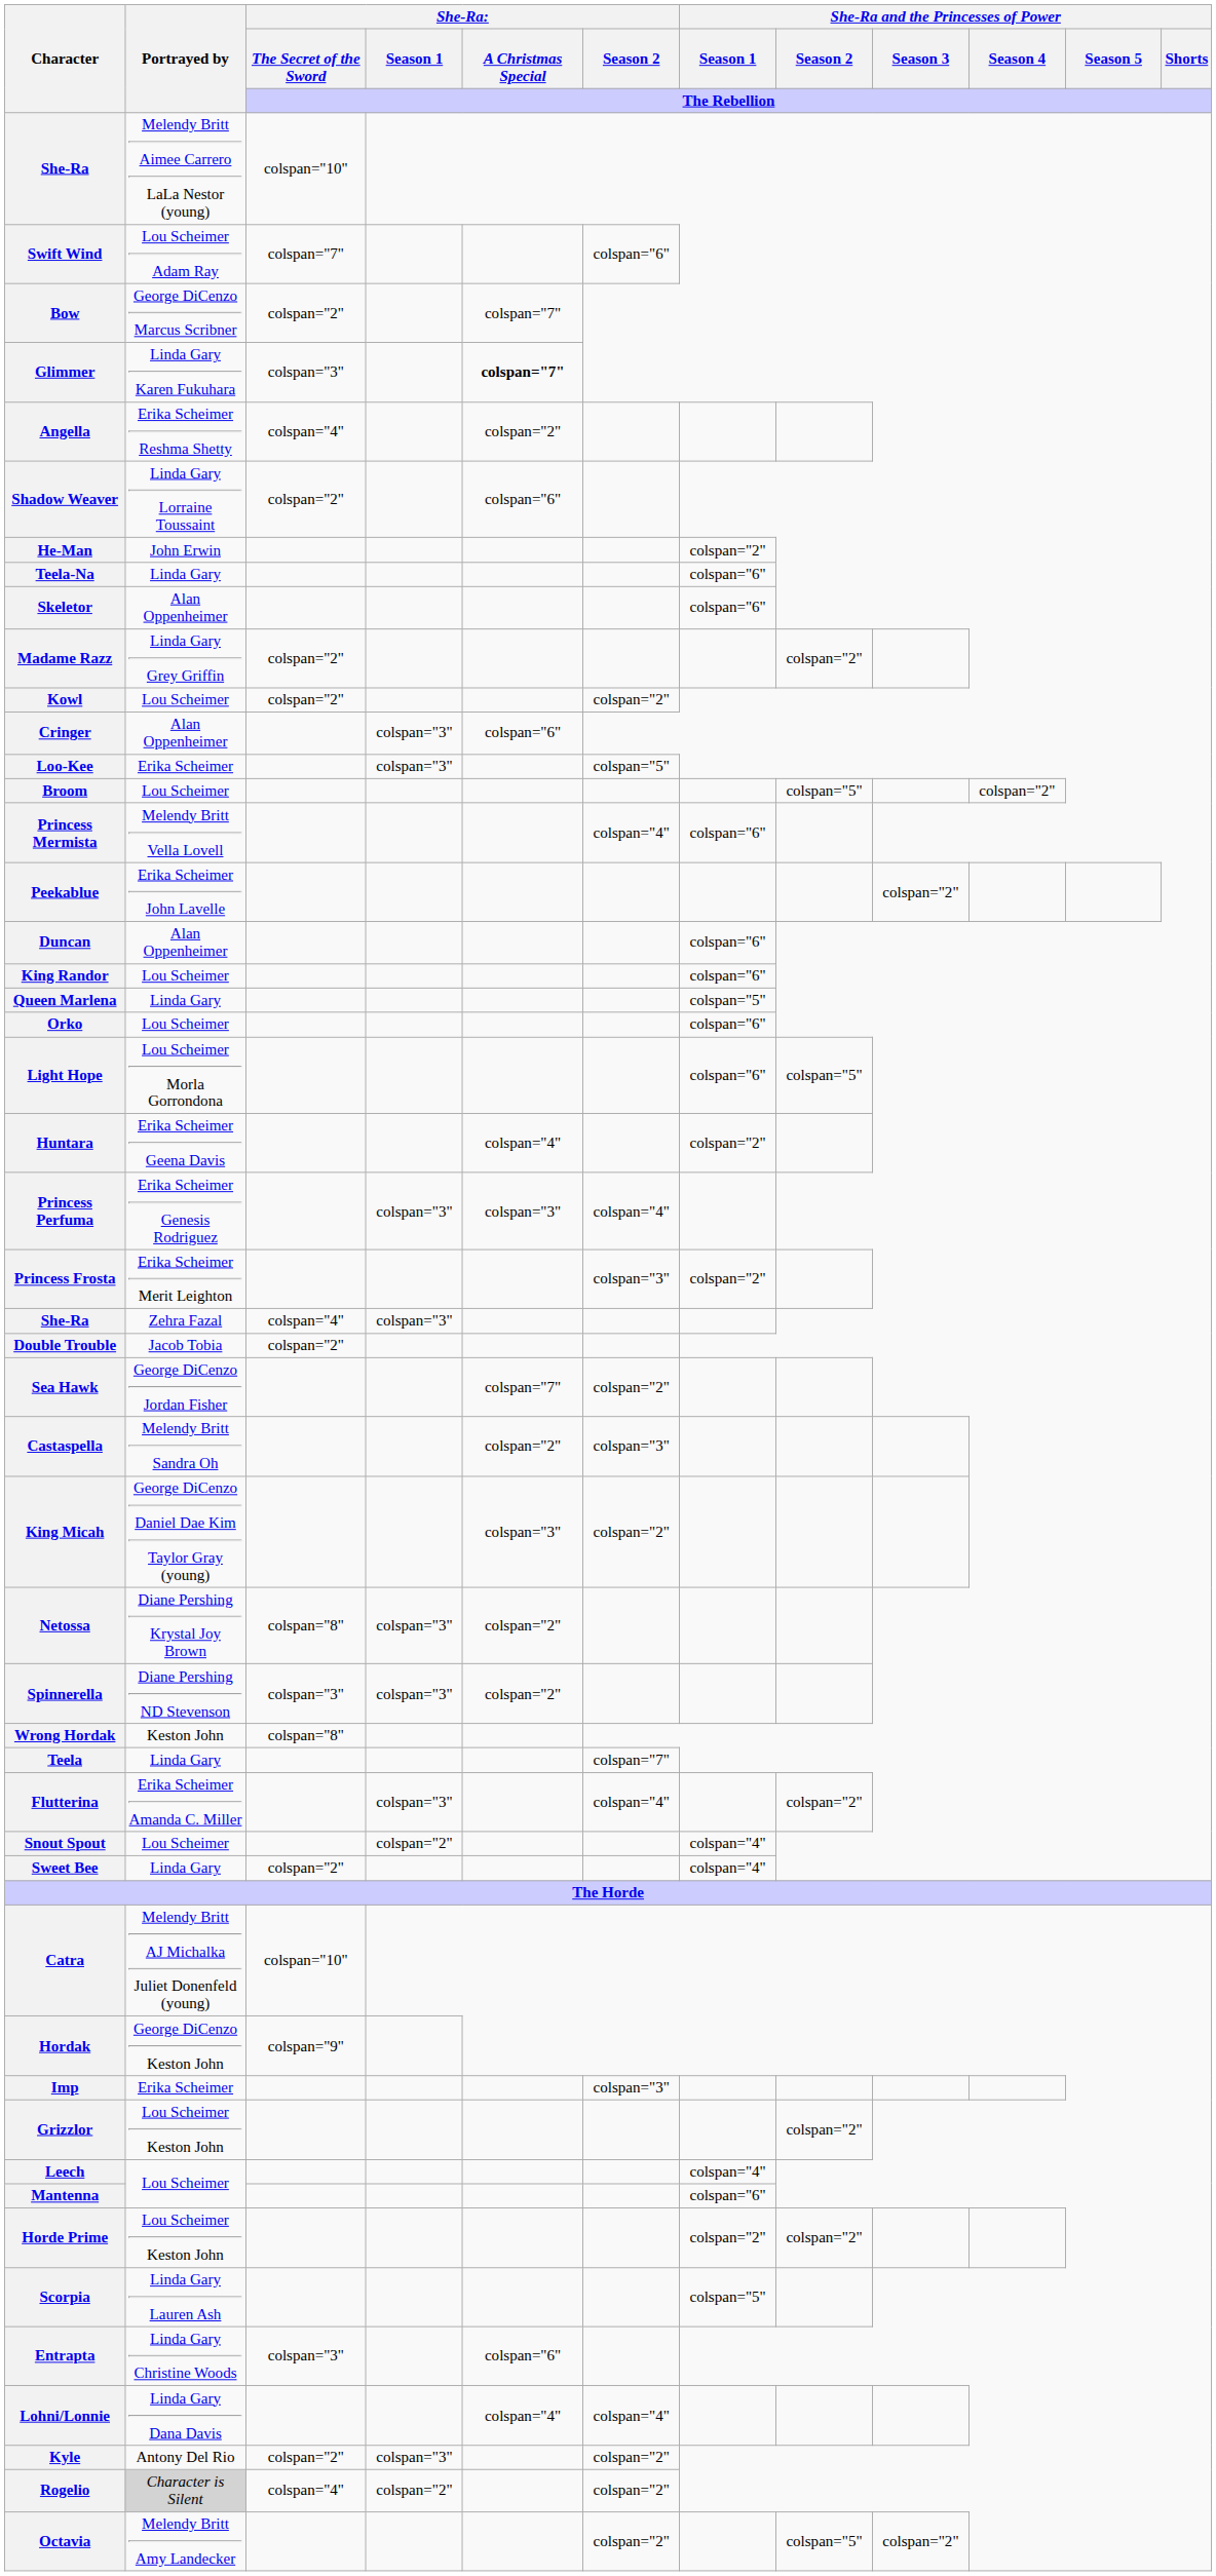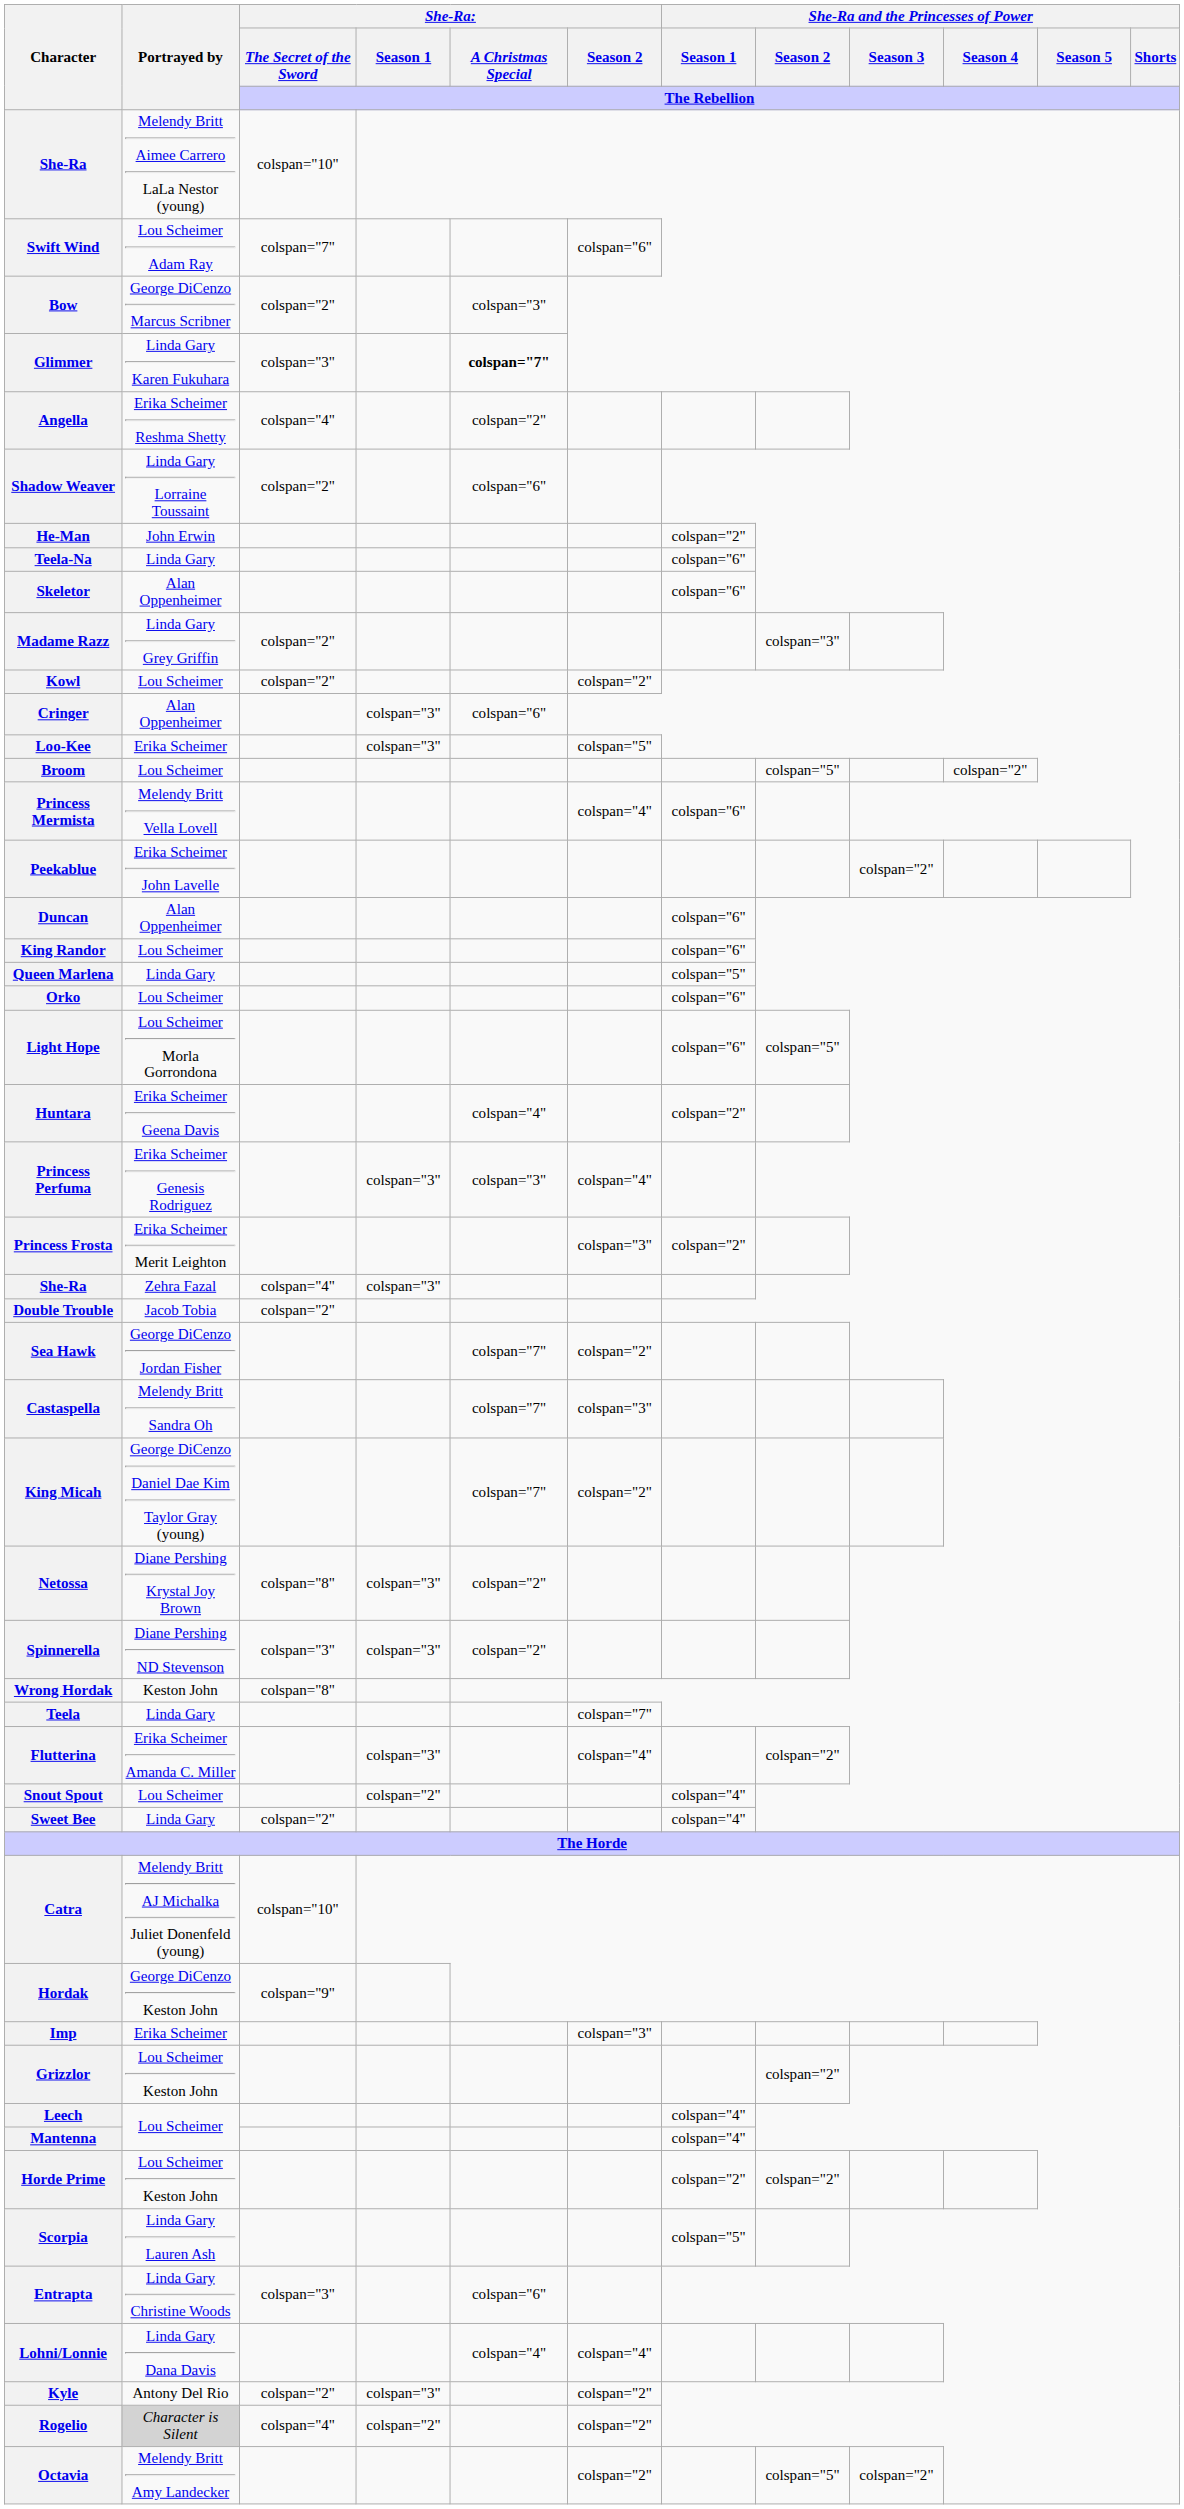 <table class="wikitable" style="text-align:center; width:99%;">
 <tr>
 <th rowspan="3" style="width:10%;">Character</th>
 <th style="width:10%;" rowspan="3">Portrayed by</th>
 <th colspan="4"><em><a href='#'>She-Ra:<br></a></em></th>
 <th colspan="6"><em><a href='#'>She-Ra and the Princesses of Power</a></em></th>
 </tr>
 <tr>
 <th style="width:10%;"><em><a href='#'><br>The Secret of the Sword</a></em></th>
 <th style="width:8%;"><a href='#'>Season 1</a></th>
 <th style="width:10%;"><em><a href='#'><br>A Christmas Special</a></em></th>
 <th style="width:8%;"><a href='#'>Season 2</a></th>
 <th style="width:8%;"><a href='#'>Season 1</a></th>
 <th style="width:8%;"><a href='#'>Season 2</a></th>
 <th style="width:8%;"><a href='#'>Season 3</a></th>
 <th style="width:8%;"><a href='#'>Season 4</a></th>
 <th style="width:8%;"><a href='#'>Season 5</a></th>
 <th style="width:3%;"><a href='#'>Shorts</a></th>
 </tr>
 <tr>
 <th colspan="10" style="background:#ccf;"><a href='#'>The Rebellion</a></th>
 </tr>
 <tr>
 <th><a href='#'>She-Ra<br></a></th>
 <td><a href='#'>Melendy Britt</a><hr><a href='#'>Aimee Carrero</a><hr>LaLa Nestor<br>(young)</td>
 <td>colspan="10" </td>
 </tr>
 <tr>
 <th><a href='#'>Swift Wind<br></a></th>
 <td><a href='#'>Lou Scheimer</a><hr><a href='#'>Adam Ray</a></td>
 <td>colspan="7" </td>
 <td></td>
 <td></td>
 <td>colspan="6" </td>
 </tr>
 <tr>
 <th><a href='#'>Bow</a></th>
 <td><a href='#'>George DiCenzo</a><hr><a href='#'>Marcus Scribner</a></td>
 <td>colspan="2" </td>
 <td></td>
-<td>colspan="7" </td>
+<td>colspan="3" </td>
 </tr>
 <tr>
 <th><a href='#'>Glimmer<br></a></th>
 <td><a href='#'>Linda Gary</a><hr><a href='#'>Karen Fukuhara</a></td>
 <td>colspan="3" </td>
 <td></td>
 <td><strong>colspan="7" </strong></td>
 </tr>
 <tr>
 <th><a href='#'>Angella<br></a></th>
 <td><a href='#'>Erika Scheimer</a><hr><a href='#'>Reshma Shetty</a></td>
 <td>colspan="4" </td>
 <td></td>
 <td>colspan="2" </td>
 <td></td>
 <td></td>
 <td></td>
 </tr>
 <tr>
 <th><a href='#'>Shadow Weaver<br></a></th>
 <td><a href='#'>Linda Gary</a><hr><a href='#'>Lorraine Toussaint</a></td>
 <td>colspan="2" </td>
 <td></td>
 <td>colspan="6" </td>
 <td></td>
 </tr>
 <tr>
 <th><a href='#'>He-Man<br></a></th>
 <td><a href='#'>John Erwin</a></td>
 <td></td>
 <td></td>
 <td></td>
 <td></td>
 <td>colspan="2" </td>
 </tr>
 <tr>
 <th><a href='#'>Teela-Na<br></a></th>
 <td><a href='#'>Linda Gary</a></td>
 <td></td>
 <td></td>
 <td></td>
 <td></td>
 <td>colspan="6" </td>
 </tr>
 <tr>
 <th><a href='#'>Skeletor</a></th>
 <td><a href='#'>Alan Oppenheimer</a></td>
 <td></td>
 <td></td>
 <td></td>
 <td></td>
 <td>colspan="6" </td>
 </tr>
 <tr>
 <th><a href='#'>Madame Razz</a></th>
 <td><a href='#'>Linda Gary</a><hr><a href='#'>Grey Griffin</a></td>
 <td>colspan="2" </td>
 <td></td>
 <td></td>
 <td></td>
 <td></td>
-<td>colspan="2" </td>
+<td>colspan="3" </td>
 <td></td>
 </tr>
 <tr>
 <th><a href='#'>Kowl</a></th>
 <td><a href='#'>Lou Scheimer</a></td>
 <td>colspan="2" </td>
 <td></td>
 <td></td>
 <td>colspan="2" </td>
 </tr>
 <tr>
 <th><a href='#'>Cringer<br></a></th>
 <td><a href='#'>Alan Oppenheimer</a></td>
 <td></td>
 <td>colspan="3" </td>
 <td>colspan="6" </td>
 </tr>
 <tr>
 <th><a href='#'>Loo-Kee</a></th>
 <td><a href='#'>Erika Scheimer</a></td>
 <td></td>
 <td>colspan="3" </td>
 <td></td>
 <td>colspan="5" </td>
 </tr>
 <tr>
 <th><a href='#'>Broom</a></th>
 <td><a href='#'>Lou Scheimer</a></td>
 <td></td>
 <td></td>
 <td></td>
 <td></td>
 <td></td>
 <td>colspan="5" </td>
 <td></td>
 <td>colspan="2" </td>
 </tr>
 <tr>
 <th><a href='#'>Princess Mermista</a></th>
 <td><a href='#'>Melendy Britt</a><hr><a href='#'>Vella Lovell</a></td>
 <td></td>
 <td></td>
 <td></td>
 <td>colspan="4" </td>
 <td>colspan="6" </td>
 <td></td>
 </tr>
 <tr>
 <th><a href='#'>Peekablue</a></th>
 <td><a href='#'>Erika Scheimer</a><hr><a href='#'>John Lavelle</a></td>
 <td></td>
 <td></td>
 <td></td>
 <td></td>
 <td></td>
 <td></td>
 <td>colspan="2" </td>
 <td></td>
 <td></td>
 </tr>
 <tr>
 <th><a href='#'>Duncan<br></a></th>
 <td><a href='#'>Alan Oppenheimer</a></td>
 <td></td>
 <td></td>
 <td></td>
 <td></td>
 <td>colspan="6" </td>
 </tr>
 <tr>
 <th><a href='#'>King Randor</a></th>
 <td><a href='#'>Lou Scheimer</a></td>
 <td></td>
 <td></td>
 <td></td>
 <td></td>
 <td>colspan="6" </td>
 </tr>
 <tr>
 <th><a href='#'>Queen Marlena</a></th>
 <td><a href='#'>Linda Gary</a></td>
 <td></td>
 <td></td>
 <td></td>
 <td></td>
 <td>colspan="5" </td>
 </tr>
 <tr>
 <th><a href='#'>Orko</a></th>
 <td><a href='#'>Lou Scheimer</a></td>
 <td></td>
 <td></td>
 <td></td>
 <td></td>
 <td>colspan="6" </td>
 </tr>
 <tr>
 <th><a href='#'>Light Hope</a></th>
 <td><a href='#'>Lou Scheimer</a><hr>Morla Gorrondona</td>
 <td></td>
 <td></td>
 <td></td>
 <td></td>
 <td>colspan="6" </td>
 <td>colspan="5" </td>
 </tr>
 <tr>
 <th><a href='#'>Huntara</a></th>
 <td><a href='#'>Erika Scheimer</a><hr><a href='#'>Geena Davis</a></td>
 <td></td>
 <td></td>
 <td>colspan="4" </td>
 <td></td>
 <td>colspan="2" </td>
 <td></td>
 </tr>
 <tr>
 <th><a href='#'>Princess Perfuma</a></th>
 <td><a href='#'>Erika Scheimer</a><hr><a href='#'>Genesis Rodriguez</a></td>
 <td></td>
 <td>colspan="3" </td>
 <td>colspan="3" </td>
 <td>colspan="4" </td>
 <td></td>
 </tr>
 <tr>
 <th><a href='#'>Princess Frosta</a></th>
 <td><a href='#'>Erika Scheimer</a><hr>Merit Leighton</td>
 <td></td>
 <td></td>
 <td></td>
 <td>colspan="3" </td>
 <td>colspan="2" </td>
 <td></td>
 </tr>
 <tr>
 <th><a href='#'>She-Ra<br></a></th>
 <td><a href='#'>Zehra Fazal</a></td>
 <td>colspan="4" </td>
 <td>colspan="3" </td>
 <td></td>
 <td></td>
 <td></td>
 </tr>
 <tr>
 <th><a href='#'>Double Trouble</a></th>
 <td><a href='#'>Jacob Tobia</a></td>
 <td>colspan="2" </td>
 <td></td>
 <td></td>
 <td></td>
 </tr>
 <tr>
 <th><a href='#'>Sea Hawk</a></th>
 <td><a href='#'>George DiCenzo</a><hr><a href='#'>Jordan Fisher</a></td>
 <td></td>
 <td></td>
 <td>colspan="7" </td>
 <td>colspan="2" </td>
 <td></td>
 <td></td>
 </tr>
 <tr>
 <th><a href='#'>Castaspella</a></th>
 <td><a href='#'>Melendy Britt</a><hr><a href='#'>Sandra Oh</a></td>
 <td></td>
 <td></td>
-<td>colspan="2" </td>
+<td>colspan="7" </td>
 <td>colspan="3" </td>
 <td></td>
 <td></td>
 <td></td>
 </tr>
 <tr>
 <th><a href='#'>King Micah</a></th>
 <td><a href='#'>George DiCenzo</a><hr><a href='#'>Daniel Dae Kim</a><hr><a href='#'>Taylor Gray</a><br>(young)</td>
 <td></td>
 <td></td>
-<td>colspan="3" </td>
+<td>colspan="7" </td>
 <td>colspan="2" </td>
 <td></td>
 <td></td>
 <td></td>
 </tr>
 <tr>
 <th><a href='#'>Netossa</a></th>
 <td><a href='#'>Diane Pershing</a><hr><a href='#'>Krystal Joy Brown</a></td>
 <td>colspan="8" </td>
 <td>colspan="3" </td>
 <td>colspan="2" </td>
 <td></td>
 <td></td>
 <td></td>
 </tr>
 <tr>
 <th><a href='#'>Spinnerella</a></th>
 <td><a href='#'>Diane Pershing</a><hr><a href='#'>ND Stevenson</a></td>
 <td>colspan="3" </td>
 <td>colspan="3" </td>
 <td>colspan="2" </td>
 <td></td>
 <td></td>
 <td></td>
 </tr>
 <tr>
 <th><a href='#'>Wrong Hordak</a></th>
 <td>Keston John</td>
 <td>colspan="8" </td>
 <td></td>
 <td></td>
 </tr>
 <tr>
 <th><a href='#'>Teela</a></th>
 <td><a href='#'>Linda Gary</a></td>
 <td></td>
 <td></td>
 <td></td>
 <td>colspan="7" </td>
 </tr>
 <tr>
 <th><a href='#'>Flutterina</a></th>
 <td><a href='#'>Erika Scheimer</a><hr><a href='#'>Amanda C. Miller</a></td>
 <td></td>
 <td>colspan="3" </td>
 <td></td>
 <td>colspan="4" </td>
 <td></td>
 <td>colspan="2" </td>
 </tr>
 <tr>
 <th><a href='#'>Snout Spout</a></th>
 <td><a href='#'>Lou Scheimer</a></td>
 <td></td>
 <td>colspan="2" </td>
 <td></td>
 <td></td>
 <td>colspan="4" </td>
 </tr>
 <tr>
 <th><a href='#'>Sweet Bee</a></th>
 <td><a href='#'>Linda Gary</a></td>
 <td>colspan="2" </td>
 <td></td>
 <td></td>
 <td></td>
 <td>colspan="4" </td>
 </tr>
 <tr>
 <th colspan="12" style="background:#ccf;"><a href='#'>The Horde</a></th>
 </tr>
 <tr>
 <th><a href='#'>Catra</a></th>
 <td><a href='#'>Melendy Britt</a><hr><a href='#'>AJ Michalka</a><hr>Juliet Donenfeld<br>(young)</td>
 <td>colspan="10" </td>
 </tr>
 <tr>
 <th><a href='#'>Hordak</a></th>
 <td><a href='#'>George DiCenzo</a><hr>Keston John</td>
 <td>colspan="9" </td>
 <td></td>
 </tr>
 <tr>
 <th><a href='#'>Imp</a></th>
 <td><a href='#'>Erika Scheimer</a></td>
 <td></td>
 <td></td>
 <td></td>
 <td>colspan="3" </td>
 <td></td>
 <td></td>
 <td></td>
 <td></td>
 </tr>
 <tr>
 <th><a href='#'>Grizzlor</a></th>
 <td><a href='#'>Lou Scheimer</a><hr>Keston John</td>
 <td></td>
 <td></td>
 <td></td>
 <td></td>
 <td></td>
 <td>colspan="2" </td>
 </tr>
 <tr>
 <th><a href='#'>Leech</a></th>
 <td rowspan="2"><a href='#'>Lou Scheimer</a></td>
 <td></td>
 <td></td>
 <td></td>
 <td></td>
 <td>colspan="4" </td>
 </tr>
 <tr>
 <th><a href='#'>Mantenna</a></th>
 <td></td>
 <td></td>
 <td></td>
 <td></td>
-<td>colspan="6" </td>
+<td>colspan="4" </td>
 </tr>
 <tr>
 <th><a href='#'>Horde Prime</a></th>
 <td><a href='#'>Lou Scheimer</a><hr>Keston John</td>
 <td></td>
 <td></td>
 <td></td>
 <td></td>
 <td>colspan="2" </td>
 <td>colspan="2" </td>
 <td></td>
 <td></td>
 </tr>
 <tr>
 <th><a href='#'>Scorpia</a></th>
 <td><a href='#'>Linda Gary</a><hr><a href='#'>Lauren Ash</a></td>
 <td></td>
 <td></td>
 <td></td>
 <td></td>
 <td>colspan="5" </td>
 <td></td>
 </tr>
 <tr>
 <th><a href='#'>Entrapta</a></th>
 <td><a href='#'>Linda Gary</a><hr><a href='#'>Christine Woods</a></td>
 <td>colspan="3" </td>
 <td></td>
 <td>colspan="6" </td>
 <td></td>
 </tr>
 <tr>
 <th><a href='#'>Lohni/Lonnie</a></th>
 <td><a href='#'>Linda Gary</a><hr><a href='#'>Dana Davis</a></td>
 <td></td>
 <td></td>
 <td>colspan="4" </td>
 <td>colspan="4" </td>
 <td></td>
 <td></td>
 <td></td>
 </tr>
 <tr>
 <th><a href='#'>Kyle</a></th>
 <td>Antony Del Rio</td>
 <td>colspan="2" </td>
 <td>colspan="3" </td>
 <td></td>
 <td>colspan="2" </td>
 </tr>
 <tr>
 <th><a href='#'>Rogelio</a></th>
 <td style="background:#d3d3d3;"><em>Character is Silent</em></td>
 <td>colspan="4" </td>
 <td>colspan="2" </td>
 <td></td>
 <td>colspan="2" </td>
 </tr>
 <tr>
 <th><a href='#'>Octavia</a></th>
 <td><a href='#'>Melendy Britt</a><hr><a href='#'>Amy Landecker</a></td>
 <td></td>
 <td></td>
 <td></td>
 <td>colspan="2" </td>
 <td></td>
 <td>colspan="5" </td>
 <td>colspan="2" </td>
 </tr>
 </table>
